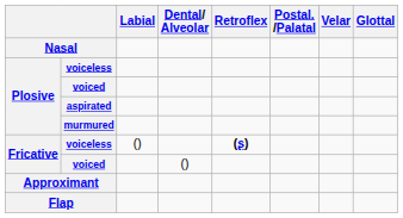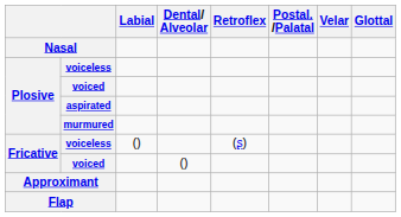 <table class="wikitable" style=text-align:center>
 <tr>
 <th colspan="2"></th>
 <th><a href='#'>Labial</a></th>
 <th><a href='#'>Dental</a>/<br><a href='#'>Alveolar</a></th>
 <th><a href='#'>Retroflex</a></th>
 <th><a href='#'>Postal.</a><br>/<a href='#'>Palatal</a></th>
 <th><a href='#'>Velar</a></th>
 <th><a href='#'>Glottal</a></th>
 </tr>
 <tr>
 <th colspan="2"><a href='#'>Nasal</a></th>
 <td></td>
 <td></td>
 <td></td>
 <td></td>
 <td></td>
 <td></td>
 </tr>
 <tr>
 <th rowspan="4"><a href='#'>Plosive</a></th>
 <th><small><a href='#'>voiceless</a></small></th>
 <td></td>
 <td></td>
 <td></td>
 <td></td>
 <td></td>
 <td></td>
 </tr>
 <tr>
 <th><small><a href='#'>voiced</a></small></th>
 <td></td>
 <td></td>
 <td></td>
 <td></td>
 <td></td>
 <td></td>
 </tr>
 <tr>
 <th><small><a href='#'>aspirated</a></small></th>
 <td></td>
 <td></td>
 <td></td>
 <td></td>
 <td></td>
 <td></td>
 </tr>
 <tr>
 <th><small><a href='#'>murmured</a></small></th>
 <td></td>
 <td></td>
 <td></td>
 <td></td>
 <td></td>
 <td></td>
 </tr>
 <tr>
 <th rowspan="2"><a href='#'>Fricative</a></th>
 <th><small><a href='#'>voiceless</a></small></th>
 <td>()</td>
 <td></td>
-<td><strong>(<a href='#'>ʂ</a>)</strong></td>
+<td>(<a href='#'>ʂ</a>)</td>
 <td></td>
 <td></td>
 <td></td>
 </tr>
 <tr>
 <th><small><a href='#'>voiced</a></small></th>
 <td></td>
 <td>()</td>
 <td></td>
 <td></td>
 <td></td>
 <td></td>
 </tr>
 <tr>
 <th colspan="2"><a href='#'>Approximant</a></th>
 <td></td>
 <td></td>
 <td></td>
 <td></td>
 <td></td>
 <td></td>
 </tr>
 <tr>
 <th colspan="2"><a href='#'>Flap</a></th>
 <td></td>
 <td></td>
 <td></td>
 <td></td>
 <td></td>
 <td></td>
 </tr>
 </table>
